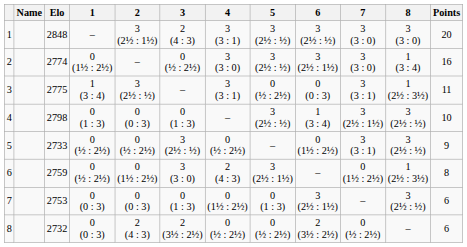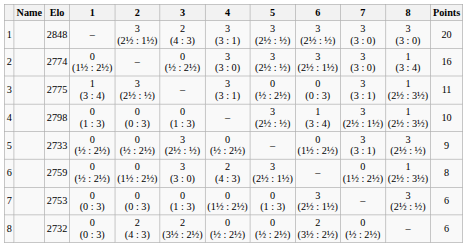 <table class='wikitable' style="text-align:center">
 <tr>
 <th></th>
 <th>Name</th>
 <th>Elo</th>
 <th>1</th>
 <th>2</th>
 <th>3</th>
 <th>4</th>
 <th>5</th>
 <th>6</th>
 <th>7</th>
 <th>8</th>
 <th>Points</th>
 </tr>
 <tr>
 <td>1</td>
 <td style='text-align:left;' data-sort-value='Carlsen'></td>
 <td>2848</td>
 <td>–</td>
 <td>3<br>(2½ : 1½)</td>
 <td>2<br>(4 : 3)</td>
 <td>3<br>(3 : 1)</td>
 <td>3<br>(2½ : ½)</td>
 <td>3<br>(2½ : ½)</td>
 <td>3<br>(3 : 0)</td>
 <td>3<br>(3 : 0)</td>
 <td>20</td>
 </tr>
 <tr>
 <td>2</td>
 <td style='text-align:left;' data-sort-value='So'></td>
 <td>2774</td>
 <td>0<br>(1½ : 2½)</td>
 <td>–</td>
 <td>0<br>(½ : 2½)</td>
 <td>3<br>(3 : 0)</td>
 <td>3<br>(2½ : ½)</td>
 <td>3<br>(2½ : 1½)</td>
 <td>3<br>(3 : 0)</td>
 <td>1<br>(3 : 4)</td>
 <td>16</td>
 </tr>
 <tr>
 <td>3</td>
 <td style="text-align:left;" data-sort-value="Lê"></td>
 <td>2775</td>
 <td>1<br>(3 : 4)</td>
 <td>3<br>(2½ : ½)</td>
 <td>–</td>
 <td>3<br>(3 : 1)</td>
 <td>0<br>(½ : 2½)</td>
 <td>0<br>(0 : 3)</td>
 <td>3<br>(3 : 1)</td>
 <td>1<br>(2½ : 3½)</td>
 <td>11</td>
 </tr>
 <tr>
 <td>4</td>
 <td style="text-align:left;" data-sort-value="Duda"></td>
 <td>2798</td>
 <td>0<br>(1 : 3)</td>
 <td>0<br>(0 : 3)</td>
 <td>0<br>(1 : 3)</td>
 <td>–</td>
 <td>3<br>(2½ : ½)</td>
 <td>1<br>(3 : 4)</td>
 <td>3<br>(2½ : 1½)</td>
-<td>3<br>(2½ : ½)</td>
+<td>1<br>(2½ : 3½)</td>
 <td>10</td>
 </tr>
 <tr>
 <td>5</td>
 <td style="text-align:left;" data-sort-value="Erigaisi"></td>
 <td>2733</td>
 <td>0<br>(½ : 2½)</td>
 <td>0<br>(½ : 2½)</td>
 <td>3<br>(2½ : ½)</td>
 <td>0<br>(½ : 2½)</td>
 <td>–</td>
 <td>0<br>(1½ : 2½)</td>
 <td>3<br>(3 : 1)</td>
 <td>3<br>(2½ : ½)</td>
 <td>9</td>
 </tr>
 <tr>
 <td>6</td>
 <td style='text-align:left;' data-sort-value='Praggnanandhaa'></td>
 <td>2759</td>
 <td>0<br>(½ : 2½)</td>
 <td>0<br>(1½ : 2½)</td>
 <td>3<br>(3 : 0)</td>
 <td>2<br>(4 : 3)</td>
 <td>3<br>(2½ : 1½)</td>
 <td>–</td>
 <td>0<br>(1½ : 2½)</td>
 <td>1<br>(2½ : 3½)</td>
 <td>8</td>
 </tr>
 <tr>
 <td>7</td>
 <td style='text-align:left;' data-sort-value='Mamedyarov'></td>
 <td>2753</td>
 <td>0<br>(0 : 3)</td>
 <td>0<br>(0 : 3)</td>
 <td>0<br>(1 : 3)</td>
 <td>0<br>(1½ : 2½)</td>
 <td>0<br>(1 : 3)</td>
 <td>3<br>(2½ : 1½)</td>
 <td>–</td>
 <td>3<br>(2½ : ½)</td>
 <td>6</td>
 </tr>
 <tr>
 <td>8</td>
 <td style='text-align:left;' data-sort-value='Giri'></td>
 <td>2732</td>
 <td>0<br>(0 : 3)</td>
 <td>2<br>(4 : 3)</td>
 <td>2<br>(3½ : 2½)</td>
 <td>0<br>(½ : 2½)</td>
 <td>0<br>(½ : 2½)</td>
 <td>2<br>(3½ : 2½)</td>
 <td>0<br>(½ : 2½)</td>
 <td>–</td>
 <td>6</td>
 </tr>
 </table>
